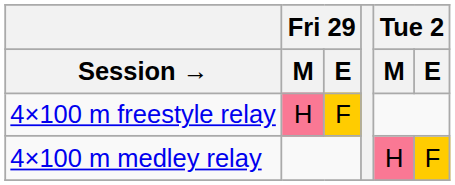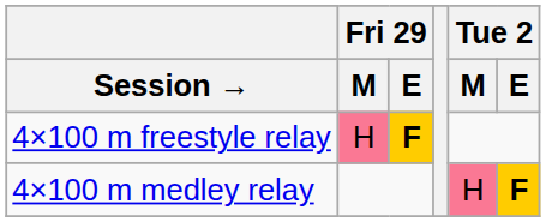 <table class="wikitable" style="margin:0.5em auto; font-size:90%; line-height:1.25em; text-align:center;">
 <tr>
 <th></th>
 <th colspan=2>Fri 29</th>
 <th rowspan=4></th>
 <th colspan=2>Tue 2</th>
 </tr>
 <tr>
 <th>Session →</th>
 <th>M</th>
 <th>E</th>
 <th>M</th>
 <th>E</th>
 </tr>
 <tr>
 <td align=left><a href='#'>4×100 m freestyle relay</a></td>
 <td style="background-color:#FA7894;">H</td>
-<td style="background-color:#FFCC00;">F</td>
+<td style="background-color:#FFCC00;"><strong>F</strong></td>
 <td colspan=2></td>
 </tr>
 <tr>
 <td align=left><a href='#'>4×100 m medley relay</a></td>
 <td colspan=2></td>
 <td style="background-color:#FA7894;">H</td>
-<td style="background-color:#FFCC00;">F</td>
+<td style="background-color:#FFCC00;"><strong>F</strong></td>
 </tr>
 </table>
